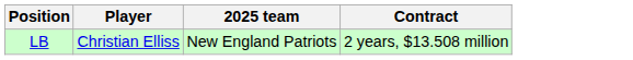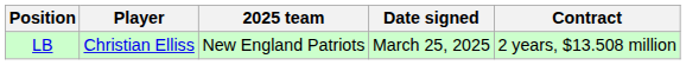 <table class="wikitable" style="text-align:center">
 <tr>
 <th>Position</th>
 <th>Player</th>
 <th>2025 team</th>
+<th>Date signed</th>
 <th>Contract</th>
 </tr>
 <tr style="background:#cfc;">
 <td><a href='#'>LB</a></td>
 <td><a href='#'>Christian Elliss</a></td>
 <td>New England Patriots</td>
+<td>March 25, 2025</td>
 <td>2 years, $13.508 million</td>
 </tr>
 </table>
